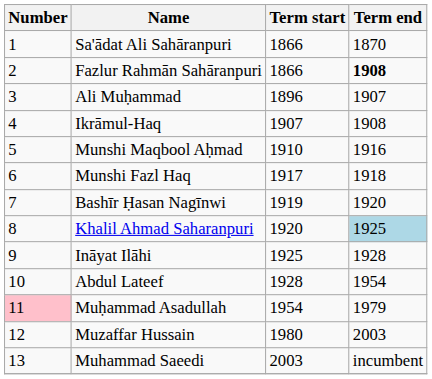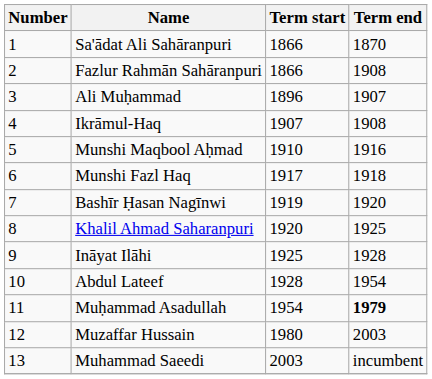 <table class="wikitable">
 <tr>
 <th>Number</th>
 <th>Name</th>
 <th>Term start</th>
 <th>Term end</th>
 </tr>
 <tr>
 <td>1</td>
 <td>Sa'ādat Ali Sahāranpuri</td>
 <td>1866</td>
 <td>1870</td>
 </tr>
 <tr>
 <td>2</td>
 <td>Fazlur Rahmān Sahāranpuri</td>
 <td>1866</td>
-<td><strong>1908</strong></td>
+<td>1908</td>
 </tr>
 <tr>
 <td>3</td>
 <td>Ali Muḥammad</td>
 <td>1896</td>
 <td>1907</td>
 </tr>
 <tr>
 <td>4</td>
 <td>Ikrāmul-Haq</td>
 <td>1907</td>
 <td>1908</td>
 </tr>
 <tr>
 <td>5</td>
 <td>Munshi Maqbool Aḥmad</td>
 <td>1910</td>
 <td>1916</td>
 </tr>
 <tr>
 <td>6</td>
 <td>Munshi Fazl Haq</td>
 <td>1917</td>
 <td>1918</td>
 </tr>
 <tr>
 <td>7</td>
 <td>Bashīr Ḥasan Nagīnwi</td>
 <td>1919</td>
 <td>1920</td>
 </tr>
 <tr>
 <td>8</td>
 <td><a href='#'>Khalil Ahmad Saharanpuri</a></td>
 <td>1920</td>
-<td style="background: lightblue;">1925</td>
+<td>1925</td>
 </tr>
 <tr>
 <td>9</td>
 <td>Ināyat Ilāhi</td>
 <td>1925</td>
 <td>1928</td>
 </tr>
 <tr>
 <td>10</td>
 <td>Abdul Lateef</td>
 <td>1928</td>
 <td>1954</td>
 </tr>
 <tr>
-<td style="background: pink;">11</td>
+<td>11</td>
 <td>Muḥammad Asadullah</td>
 <td>1954</td>
-<td>1979</td>
+<td><strong>1979</strong></td>
 </tr>
 <tr>
 <td>12</td>
 <td>Muzaffar Hussain</td>
 <td>1980</td>
 <td>2003</td>
 </tr>
 <tr>
 <td>13</td>
 <td>Muhammad Saeedi</td>
 <td>2003</td>
 <td>incumbent</td>
 </tr>
 <tr>
 </tr>
 </table>
